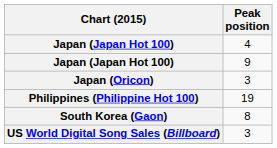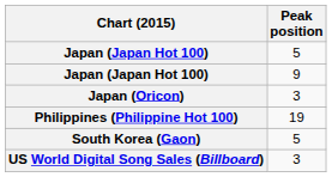 <table class="wikitable sortable plainrowheaders" style="text-align:center">
 <tr>
 <th scope="col">Chart (2015)</th>
 <th scope="col">Peak<br>position</th>
 </tr>
 <tr>
 <th scope="row">Japan (<a href='#'>Japan Hot 100</a>)</th>
-<td>4</td>
+<td>5</td>
 </tr>
 <tr>
 <th scope="row">Japan (Japan Hot 100)<br></th>
 <td>9</td>
 </tr>
 <tr>
 <th scope="row">Japan (<a href='#'>Oricon</a>)<br></th>
 <td>3</td>
 </tr>
 <tr>
 <th scope="row">Philippines (<a href='#'>Philippine Hot 100</a>)</th>
 <td>19</td>
 </tr>
 <tr>
 <th scope="row">South Korea (<a href='#'>Gaon</a>)</th>
-<td>8</td>
+<td>5</td>
 </tr>
 <tr>
 <th scope="row">US <a href='#'>World Digital Song Sales</a> (<em><a href='#'>Billboard</a></em>)</th>
 <td>3</td>
 </tr>
 </table>
